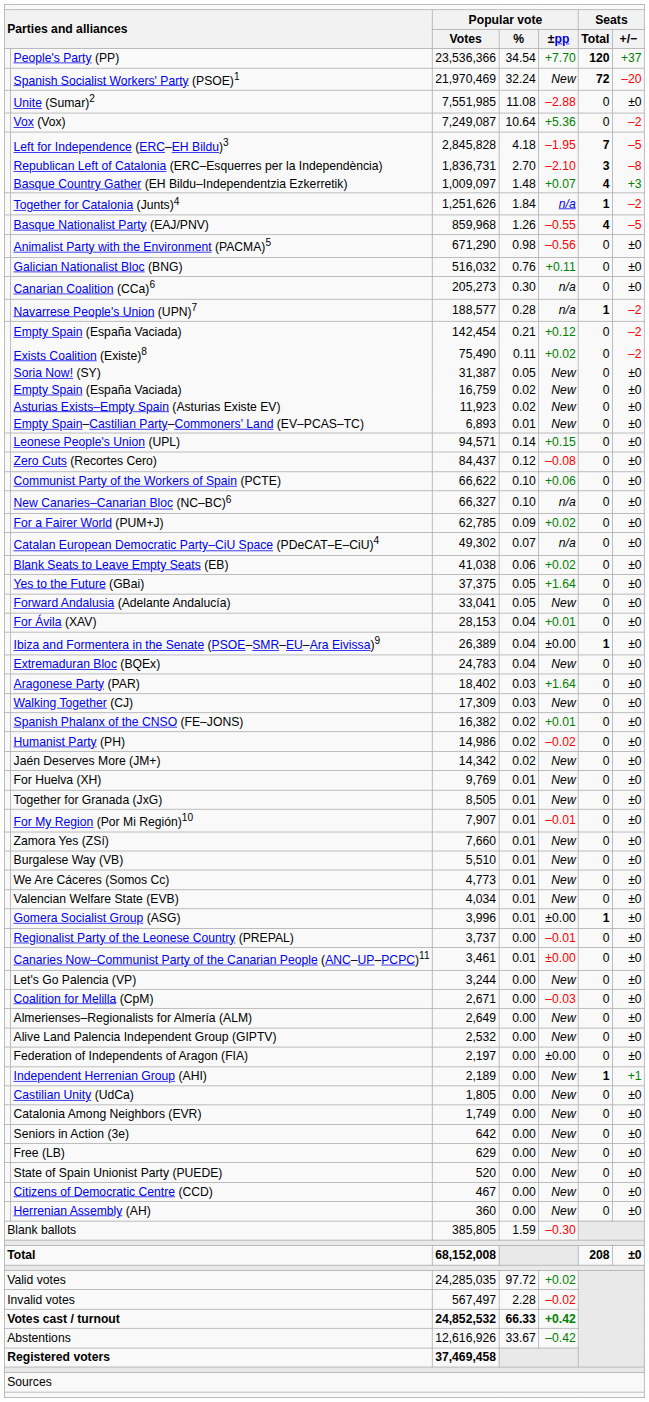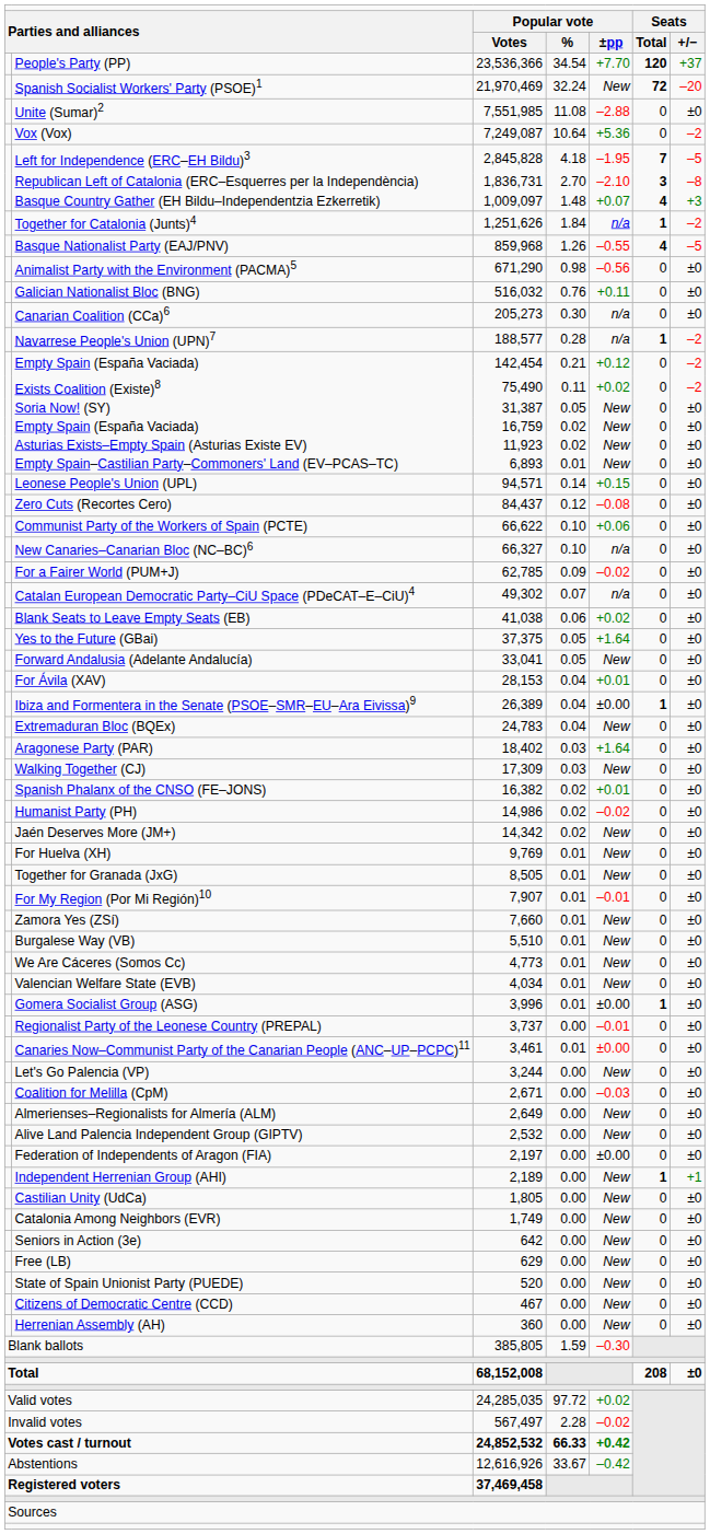 <table class="wikitable" style="text-align:right;">
 <tr>
 <td colspan="7"></td>
 </tr>
 <tr>
 <th style="text-align:left;" rowspan="2" colspan="2" width="525">Parties and alliances</th>
 <th colspan="3">Popular vote</th>
 <th colspan="2">Seats</th>
 </tr>
 <tr>
 <th width="75">Votes</th>
 <th width="45">%</th>
 <th width="45">±<a href='#'>pp</a></th>
 <th width="35">Total</th>
 <th width="35">+/−</th>
 </tr>
 <tr>
 <td width="1" style="color:inherit;background:"></td>
 <td align="left"><a href='#'>People's Party</a> (PP)</td>
 <td>23,536,366</td>
 <td>34.54</td>
 <td style="color:green;">+7.70</td>
 <td><strong>120</strong></td>
 <td style="color:green;">+37</td>
 </tr>
 <tr>
 <td style="color:inherit;background:"></td>
 <td align="left"><a href='#'>Spanish Socialist Workers' Party</a> (PSOE)<sup>1</sup></td>
 <td>21,970,469</td>
 <td>32.24</td>
 <td><em>New</em></td>
 <td><strong>72</strong></td>
 <td style="color:red;">–20</td>
 </tr>
 <tr>
 <td style="color:inherit;background:"></td>
 <td align="left"><a href='#'>Unite</a> (Sumar)<sup>2</sup></td>
 <td>7,551,985</td>
 <td>11.08</td>
 <td style="color:red;">–2.88</td>
 <td>0</td>
 <td>±0</td>
 </tr>
 <tr>
 <td style="color:inherit;background:"></td>
 <td align="left"><a href='#'>Vox</a> (Vox)</td>
 <td>7,249,087</td>
 <td>10.64</td>
 <td style="color:green;">+5.36</td>
 <td>0</td>
 <td style="color:red;">–2</td>
 </tr>
 <tr style="line-height:22px;">
 <td rowspan="3" style="color:inherit;background:"></td>
 <td align="left"><a href='#'>Left for Independence</a> (<a href='#'>ERC</a>–<a href='#'>EH Bildu</a>)<sup>3</sup></td>
 <td>2,845,828</td>
 <td>4.18</td>
 <td style="color:red;">–1.95</td>
 <td><strong>7</strong></td>
 <td style="color:red;">–5</td>
 </tr>
 <tr style="border-bottom-style:hidden; border-top-style:hidden; line-height:16px;">
 <td align="left"><span><a href='#'>Republican Left of Catalonia</a> (ERC–Esquerres per la Independència)</span></td>
 <td>1,836,731</td>
 <td>2.70</td>
 <td style="color:red;">–2.10</td>
 <td><strong>3</strong></td>
 <td style="color:red;">–8</td>
 </tr>
 <tr style="line-height:16px;">
 <td align="left"><span><a href='#'>Basque Country Gather</a> (EH Bildu–Independentzia Ezkerretik)</span></td>
 <td>1,009,097</td>
 <td>1.48</td>
 <td style="color:green;">+0.07</td>
 <td><strong>4</strong></td>
 <td style="color:green;">+3</td>
 </tr>
 <tr>
 <td style="color:inherit;background:"></td>
 <td align="left"><a href='#'>Together for Catalonia</a> (Junts)<sup>4</sup></td>
 <td>1,251,626</td>
 <td>1.84</td>
 <td><em><a href='#'>n/a</a></em></td>
 <td><strong>1</strong></td>
 <td style="color:red;">–2</td>
 </tr>
 <tr>
 <td style="color:inherit;background:"></td>
 <td align="left"><a href='#'>Basque Nationalist Party</a> (EAJ/PNV)</td>
 <td>859,968</td>
 <td>1.26</td>
 <td style="color:red;">–0.55</td>
 <td><strong>4</strong></td>
 <td style="color:red;">–5</td>
 </tr>
 <tr>
 <td style="color:inherit;background:"></td>
 <td align="left"><a href='#'>Animalist Party with the Environment</a> (PACMA)<sup>5</sup></td>
 <td>671,290</td>
 <td>0.98</td>
 <td style="color:red;">–0.56</td>
 <td>0</td>
 <td>±0</td>
 </tr>
 <tr>
 <td style="color:inherit;background:"></td>
 <td align="left"><a href='#'>Galician Nationalist Bloc</a> (BNG)</td>
 <td>516,032</td>
 <td>0.76</td>
 <td style="color:green;">+0.11</td>
 <td>0</td>
 <td>±0</td>
 </tr>
 <tr>
 <td style="color:inherit;background:"></td>
 <td align="left"><a href='#'>Canarian Coalition</a> (CCa)<sup>6</sup></td>
 <td>205,273</td>
 <td>0.30</td>
 <td><em>n/a</em></td>
 <td>0</td>
 <td>±0</td>
 </tr>
 <tr>
 <td style="color:inherit;background:"></td>
 <td align="left"><a href='#'>Navarrese People's Union</a> (UPN)<sup>7</sup></td>
 <td>188,577</td>
 <td>0.28</td>
 <td><em>n/a</em></td>
 <td><strong>1</strong></td>
 <td style="color:red;">–2</td>
 </tr>
 <tr style="line-height:22px;">
 <td rowspan="6" style="color:inherit;background:"></td>
 <td align="left"><a href='#'>Empty Spain</a> (España Vaciada)</td>
 <td>142,454</td>
 <td>0.21</td>
 <td style="color:green;">+0.12</td>
 <td>0</td>
 <td style="color:red;">–2</td>
 </tr>
 <tr style="border-bottom-style:hidden; border-top-style:hidden; line-height:16px;">
 <td align="left"><span><a href='#'>Exists Coalition</a> (Existe)<sup>8</sup></span></td>
 <td>75,490</td>
 <td>0.11</td>
 <td style="color:green;">+0.02</td>
 <td>0</td>
 <td style="color:red;">–2</td>
 </tr>
 <tr style="border-bottom-style:hidden; line-height:16px;">
 <td align="left"><span><a href='#'>Soria Now!</a> (SY)</span></td>
 <td>31,387</td>
 <td>0.05</td>
 <td><em>New</em></td>
 <td>0</td>
 <td>±0</td>
 </tr>
 <tr style="border-bottom-style:hidden; line-height:16px;">
 <td align="left"><span><a href='#'>Empty Spain</a> (España Vaciada)</span></td>
 <td>16,759</td>
 <td>0.02</td>
 <td><em>New</em></td>
 <td>0</td>
 <td>±0</td>
 </tr>
 <tr style="border-bottom-style:hidden; line-height:16px;">
 <td align="left"><span><a href='#'>Asturias Exists–Empty Spain</a> (Asturias Existe EV)</span></td>
 <td>11,923</td>
 <td>0.02</td>
 <td><em>New</em></td>
 <td>0</td>
 <td>±0</td>
 </tr>
 <tr style="line-height:16px;">
 <td align="left"><span><a href='#'>Empty Spain</a>–<a href='#'>Castilian Party</a>–<a href='#'>Commoners' Land</a> (EV–PCAS–TC)</span></td>
 <td>6,893</td>
 <td>0.01</td>
 <td><em>New</em></td>
 <td>0</td>
 <td>±0</td>
 </tr>
 <tr>
 <td style="color:inherit;background:"></td>
 <td align="left"><a href='#'>Leonese People's Union</a> (UPL)</td>
 <td>94,571</td>
 <td>0.14</td>
 <td style="color:green;">+0.15</td>
 <td>0</td>
 <td>±0</td>
 </tr>
 <tr>
 <td style="color:inherit;background:"></td>
 <td align="left"><a href='#'>Zero Cuts</a> (Recortes Cero)</td>
 <td>84,437</td>
 <td>0.12</td>
 <td style="color:red;">–0.08</td>
 <td>0</td>
 <td>±0</td>
 </tr>
 <tr>
 <td style="color:inherit;background:"></td>
 <td align="left"><a href='#'>Communist Party of the Workers of Spain</a> (PCTE)</td>
 <td>66,622</td>
 <td>0.10</td>
 <td style="color:green;">+0.06</td>
 <td>0</td>
 <td>±0</td>
 </tr>
 <tr>
 <td style="color:inherit;background:"></td>
 <td align="left"><a href='#'>New Canaries–Canarian Bloc</a> (NC–BC)<sup>6</sup></td>
 <td>66,327</td>
 <td>0.10</td>
 <td><em>n/a</em></td>
 <td>0</td>
 <td>±0</td>
 </tr>
 <tr>
 <td style="color:inherit;background:"></td>
 <td align="left"><a href='#'>For a Fairer World</a> (PUM+J)</td>
 <td>62,785</td>
 <td>0.09</td>
-<td style="color:green;">+0.02</td>
+<td style="color:red;">–0.02</td>
 <td>0</td>
 <td>±0</td>
 </tr>
 <tr>
 <td style="color:inherit;background:"></td>
 <td align="left"><a href='#'>Catalan European Democratic Party–CiU Space</a> (PDeCAT–E–CiU)<sup>4</sup></td>
 <td>49,302</td>
 <td>0.07</td>
 <td><em>n/a</em></td>
 <td>0</td>
 <td>±0</td>
 </tr>
 <tr>
 <td style="color:inherit;background:"></td>
 <td align="left"><a href='#'>Blank Seats to Leave Empty Seats</a> (EB)</td>
 <td>41,038</td>
 <td>0.06</td>
 <td style="color:green;">+0.02</td>
 <td>0</td>
 <td>±0</td>
 </tr>
 <tr>
 <td style="color:inherit;background:"></td>
 <td align="left"><a href='#'>Yes to the Future</a> (GBai)</td>
 <td>37,375</td>
 <td>0.05</td>
 <td style="color:green;">+1.64</td>
 <td>0</td>
 <td>±0</td>
 </tr>
 <tr>
 <td style="color:inherit;background:"></td>
 <td align="left"><a href='#'>Forward Andalusia</a> (Adelante Andalucía)</td>
 <td>33,041</td>
 <td>0.05</td>
 <td><em>New</em></td>
 <td>0</td>
 <td>±0</td>
 </tr>
 <tr>
 <td style="color:inherit;background:"></td>
 <td align="left"><a href='#'>For Ávila</a> (XAV)</td>
 <td>28,153</td>
 <td>0.04</td>
 <td style="color:green;">+0.01</td>
 <td>0</td>
 <td>±0</td>
 </tr>
 <tr>
 <td style="color:inherit;background:"></td>
 <td align="left"><a href='#'>Ibiza and Formentera in the Senate</a> (<a href='#'>PSOE</a>–<a href='#'>SMR</a>–<a href='#'>EU</a>–<a href='#'>Ara Eivissa</a>)<sup>9</sup></td>
 <td>26,389</td>
 <td>0.04</td>
 <td>±0.00</td>
 <td><strong>1</strong></td>
 <td>±0</td>
 </tr>
 <tr>
 <td style="color:inherit;background:"></td>
 <td align="left"><a href='#'>Extremaduran Bloc</a> (BQEx)</td>
 <td>24,783</td>
 <td>0.04</td>
 <td><em>New</em></td>
 <td>0</td>
 <td>±0</td>
 </tr>
 <tr>
 <td style="color:inherit;background:"></td>
 <td align="left"><a href='#'>Aragonese Party</a> (PAR)</td>
 <td>18,402</td>
 <td>0.03</td>
 <td style="color:green;">+1.64</td>
 <td>0</td>
 <td>±0</td>
 </tr>
 <tr>
 <td style="color:inherit;background:"></td>
 <td align="left"><a href='#'>Walking Together</a> (CJ)</td>
 <td>17,309</td>
 <td>0.03</td>
 <td><em>New</em></td>
 <td>0</td>
 <td>±0</td>
 </tr>
 <tr>
 <td style="color:inherit;background:"></td>
 <td align="left"><a href='#'>Spanish Phalanx of the CNSO</a> (FE–JONS)</td>
 <td>16,382</td>
 <td>0.02</td>
 <td style="color:green;">+0.01</td>
 <td>0</td>
 <td>±0</td>
 </tr>
 <tr>
 <td style="color:inherit;background:"></td>
 <td align="left"><a href='#'>Humanist Party</a> (PH)</td>
 <td>14,986</td>
 <td>0.02</td>
 <td style="color:red;">–0.02</td>
 <td>0</td>
 <td>±0</td>
 </tr>
 <tr>
 <td style="color:inherit;background:"></td>
 <td align="left">Jaén Deserves More (JM+)</td>
 <td>14,342</td>
 <td>0.02</td>
 <td><em>New</em></td>
 <td>0</td>
 <td>±0</td>
 </tr>
 <tr>
 <td style="color:inherit;background:"></td>
 <td align="left">For Huelva (XH)</td>
 <td>9,769</td>
 <td>0.01</td>
 <td><em>New</em></td>
 <td>0</td>
 <td>±0</td>
 </tr>
 <tr>
 <td style="color:inherit;background:"></td>
 <td align="left">Together for Granada (JxG)</td>
 <td>8,505</td>
 <td>0.01</td>
 <td><em>New</em></td>
 <td>0</td>
 <td>±0</td>
 </tr>
 <tr>
 <td style="color:inherit;background:"></td>
 <td align="left"><a href='#'>For My Region</a> (Por Mi Región)<sup>10</sup></td>
 <td>7,907</td>
 <td>0.01</td>
 <td style="color:red;">–0.01</td>
 <td>0</td>
 <td>±0</td>
 </tr>
 <tr>
 <td style="color:inherit;background:"></td>
 <td align="left">Zamora Yes (ZSí)</td>
 <td>7,660</td>
 <td>0.01</td>
 <td><em>New</em></td>
 <td>0</td>
 <td>±0</td>
 </tr>
 <tr>
 <td style="color:inherit;background:"></td>
 <td align="left">Burgalese Way (VB)</td>
 <td>5,510</td>
 <td>0.01</td>
 <td><em>New</em></td>
 <td>0</td>
 <td>±0</td>
 </tr>
 <tr>
 <td style="color:inherit;background:"></td>
 <td align="left">We Are Cáceres (Somos Cc)</td>
 <td>4,773</td>
 <td>0.01</td>
 <td><em>New</em></td>
 <td>0</td>
 <td>±0</td>
 </tr>
 <tr>
 <td style="color:inherit;background:"></td>
 <td align="left">Valencian Welfare State (EVB)</td>
 <td>4,034</td>
 <td>0.01</td>
 <td><em>New</em></td>
 <td>0</td>
 <td>±0</td>
 </tr>
 <tr>
 <td style="color:inherit;background:"></td>
 <td align="left"><a href='#'>Gomera Socialist Group</a> (ASG)</td>
 <td>3,996</td>
 <td>0.01</td>
 <td>±0.00</td>
 <td><strong>1</strong></td>
 <td>±0</td>
 </tr>
 <tr>
 <td style="color:inherit;background:"></td>
 <td align="left"><a href='#'>Regionalist Party of the Leonese Country</a> (PREPAL)</td>
 <td>3,737</td>
 <td>0.00</td>
 <td style="color:red;">–0.01</td>
 <td>0</td>
 <td>±0</td>
 </tr>
 <tr>
 <td style="color:inherit;background:"></td>
 <td align="left"><a href='#'>Canaries Now–Communist Party of the Canarian People</a> (<a href='#'>ANC</a>–<a href='#'>UP</a>–<a href='#'>PCPC</a>)<sup>11</sup></td>
 <td>3,461</td>
 <td>0.01</td>
 <td style="color:red;">±0.00</td>
 <td>0</td>
 <td>±0</td>
 </tr>
 <tr>
 <td style="color:inherit;background:"></td>
 <td align="left">Let's Go Palencia (VP)</td>
 <td>3,244</td>
 <td>0.00</td>
 <td><em>New</em></td>
 <td>0</td>
 <td>±0</td>
 </tr>
 <tr>
 <td style="color:inherit;background:"></td>
 <td align="left"><a href='#'>Coalition for Melilla</a> (CpM)</td>
 <td>2,671</td>
 <td>0.00</td>
 <td style="color:red;">–0.03</td>
 <td>0</td>
 <td>±0</td>
 </tr>
 <tr>
 <td style="color:inherit;background:"></td>
 <td align="left">Almerienses–Regionalists for Almería (ALM)</td>
 <td>2,649</td>
 <td>0.00</td>
 <td><em>New</em></td>
 <td>0</td>
 <td>±0</td>
 </tr>
 <tr>
 <td style="color:inherit;background:"></td>
 <td align="left">Alive Land Palencia Independent Group (GIPTV)</td>
 <td>2,532</td>
 <td>0.00</td>
 <td><em>New</em></td>
 <td>0</td>
 <td>±0</td>
 </tr>
 <tr>
 <td style="color:inherit;background:"></td>
 <td align="left">Federation of Independents of Aragon (FIA)</td>
 <td>2,197</td>
 <td>0.00</td>
 <td>±0.00</td>
 <td>0</td>
 <td>±0</td>
 </tr>
 <tr>
 <td style="color:inherit;background:"></td>
 <td align="left"><a href='#'>Independent Herrenian Group</a> (AHI)</td>
 <td>2,189</td>
 <td>0.00</td>
 <td><em>New</em></td>
 <td><strong>1</strong></td>
 <td style="color:green;">+1</td>
 </tr>
 <tr>
 <td style="color:inherit;background:"></td>
 <td align="left"><a href='#'>Castilian Unity</a> (UdCa)</td>
 <td>1,805</td>
 <td>0.00</td>
 <td><em>New</em></td>
 <td>0</td>
 <td>±0</td>
 </tr>
 <tr>
 <td style="color:inherit;background:"></td>
 <td align="left">Catalonia Among Neighbors (EVR)</td>
 <td>1,749</td>
 <td>0.00</td>
 <td><em>New</em></td>
 <td>0</td>
 <td>±0</td>
 </tr>
 <tr>
 <td style="color:inherit;background:"></td>
 <td align="left">Seniors in Action (3e)</td>
 <td>642</td>
 <td>0.00</td>
 <td><em>New</em></td>
 <td>0</td>
 <td>±0</td>
 </tr>
 <tr>
 <td style="color:inherit;background:"></td>
 <td align="left">Free (LB)</td>
 <td>629</td>
 <td>0.00</td>
 <td><em>New</em></td>
 <td>0</td>
 <td>±0</td>
 </tr>
 <tr>
 <td style="color:inherit;background:"></td>
 <td align="left">State of Spain Unionist Party (PUEDE)</td>
 <td>520</td>
 <td>0.00</td>
 <td><em>New</em></td>
 <td>0</td>
 <td>±0</td>
 </tr>
 <tr>
 <td style="color:inherit;background:"></td>
 <td align="left"><a href='#'>Citizens of Democratic Centre</a> (CCD)</td>
 <td>467</td>
 <td>0.00</td>
 <td><em>New</em></td>
 <td>0</td>
 <td>±0</td>
 </tr>
 <tr>
 <td style="color:inherit;background:"></td>
 <td align="left"><a href='#'>Herrenian Assembly</a> (AH)</td>
 <td>360</td>
 <td>0.00</td>
 <td><em>New</em></td>
 <td>0</td>
 <td>±0</td>
 </tr>
 <tr>
 <td align="left" colspan="2">Blank ballots</td>
 <td>385,805</td>
 <td>1.59</td>
 <td style="color:red;">–0.30</td>
 <td bgcolor="#E9E9E9" colspan="2"></td>
 </tr>
 <tr>
 <td colspan="7" bgcolor="#E9E9E9"></td>
 </tr>
 <tr style="font-weight:bold;">
 <td align="left" colspan="2">Total</td>
 <td>68,152,008</td>
 <td bgcolor="#E9E9E9" colspan="2"></td>
 <td>208</td>
 <td>±0</td>
 </tr>
 <tr>
 <td colspan="7" bgcolor="#E9E9E9"></td>
 </tr>
 <tr>
 <td align="left" colspan="2">Valid votes</td>
 <td>24,285,035</td>
 <td>97.72</td>
 <td style="color:green;">+0.02</td>
 <td bgcolor="#E9E9E9" colspan="2" rowspan="5"></td>
 </tr>
 <tr>
 <td align="left" colspan="2">Invalid votes</td>
 <td>567,497</td>
 <td>2.28</td>
 <td style="color:red;">–0.02</td>
 </tr>
 <tr style="font-weight:bold;">
 <td align="left" colspan="2">Votes cast / turnout</td>
 <td>24,852,532</td>
 <td>66.33</td>
 <td style="color:green;">+0.42</td>
 </tr>
 <tr>
 <td align="left" colspan="2">Abstentions</td>
 <td>12,616,926</td>
 <td>33.67</td>
 <td style="color:green;">–0.42</td>
 </tr>
 <tr style="font-weight:bold;">
 <td align="left" colspan="2">Registered voters</td>
 <td>37,469,458</td>
 <td bgcolor="#E9E9E9" colspan="2"></td>
 </tr>
 <tr>
 <td colspan="7" bgcolor="#E9E9E9"></td>
 </tr>
 <tr>
 <td align="left" colspan="7">Sources</td>
 </tr>
 <tr>
 <td colspan="7" style="text-align:left; max-width:790px;"></td>
 </tr>
 </table>
